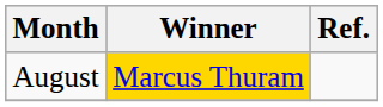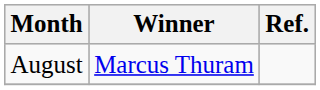 <table class="wikitable">
 <tr>
 <th>Month</th>
 <th>Winner</th>
 <th>Ref.</th>
 </tr>
 <tr>
 <td>August</td>
-<td style="background: gold;"> <a href='#'>Marcus Thuram</a></td>
+<td> <a href='#'>Marcus Thuram</a></td>
 <td></td>
 </tr>
 <tr>
 </tr>
 </table>
